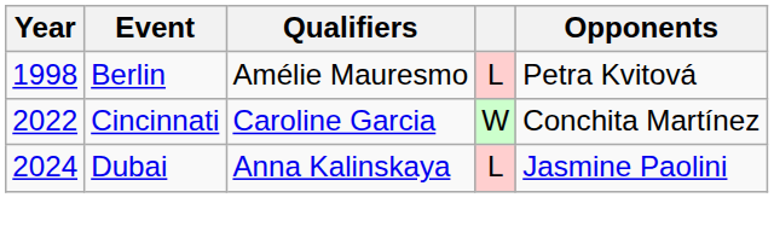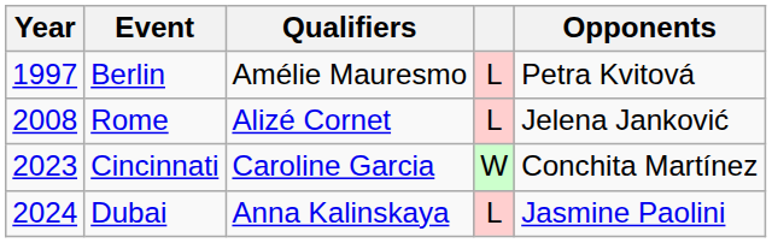 <table class="wikitable">
 <tr>
 <th scope="col">Year</th>
 <th scope="col">Event</th>
 <th scope="col">Qualifiers</th>
 <th scope="col"></th>
 <th scope="col">Opponents</th>
 </tr>
 <tr>
-<td><a href='#'>1998</a></td>
+<td><a href='#'>1997</a></td>
 <td><a href='#'>Berlin</a></td>
 <td> Amélie Mauresmo</td>
 <td style="text-align:center; background: #FFCFCF">L</td>
 <td> Petra Kvitová</td>
 </tr>
 <tr>
-<td><a href='#'>2022</a></td>
+<td><a href='#'>2008</a></td>
+<td><a href='#'>Rome</a></td>
+<td> <a href='#'>Alizé Cornet</a></td>
+<td style="text-align:center; background: #FFCFCF">L</td>
+<td> Jelena Janković</td>
+</tr>
+<tr>
+<td><a href='#'>2023</a></td>
 <td><a href='#'>Cincinnati</a></td>
 <td> <a href='#'>Caroline Garcia</a></td>
 <td style="text-align:center; background: #CCFFCC">W</td>
 <td> Conchita Martínez</td>
 </tr>
 <tr>
 <td><a href='#'>2024</a></td>
 <td><a href='#'>Dubai</a></td>
 <td> <a href='#'>Anna Kalinskaya</a></td>
 <td style="text-align:center; background: #FFCFCF">L</td>
 <td> <a href='#'>Jasmine Paolini</a></td>
 </tr>
 </table>
